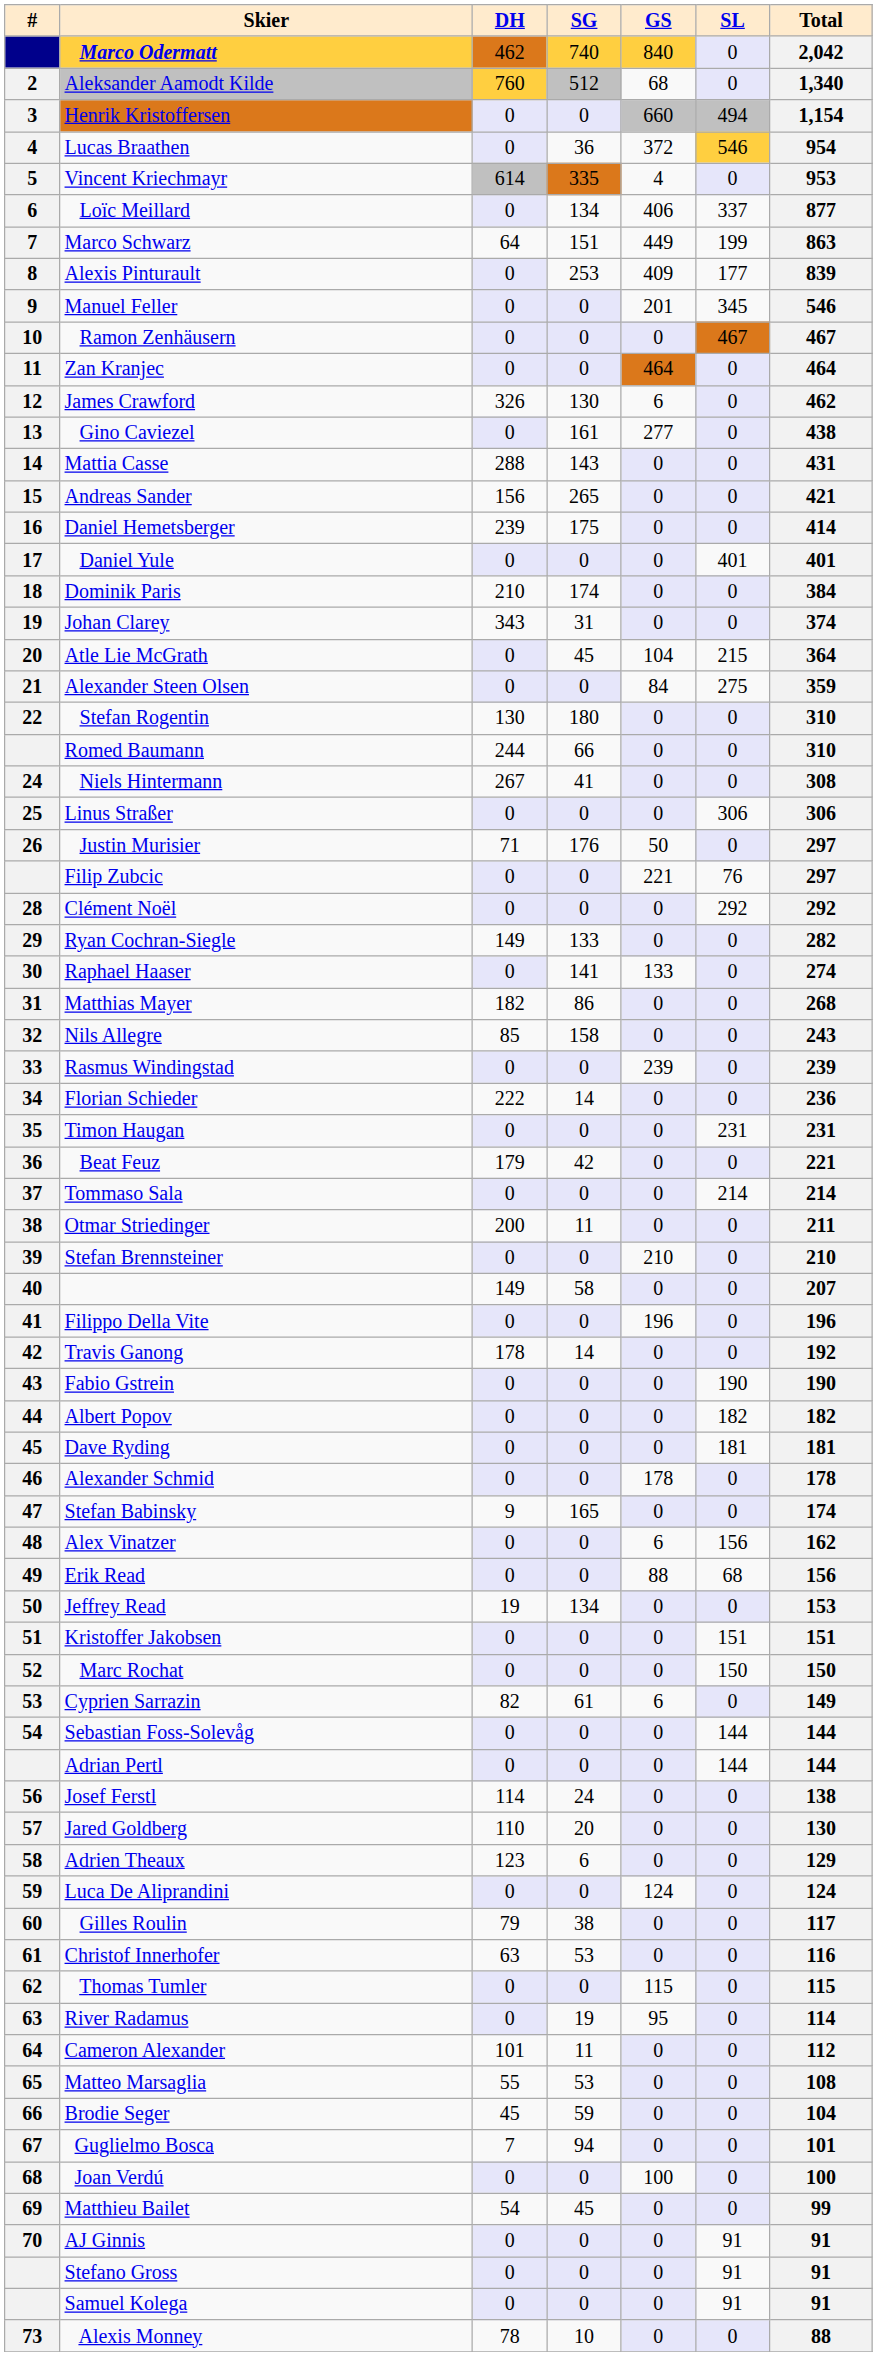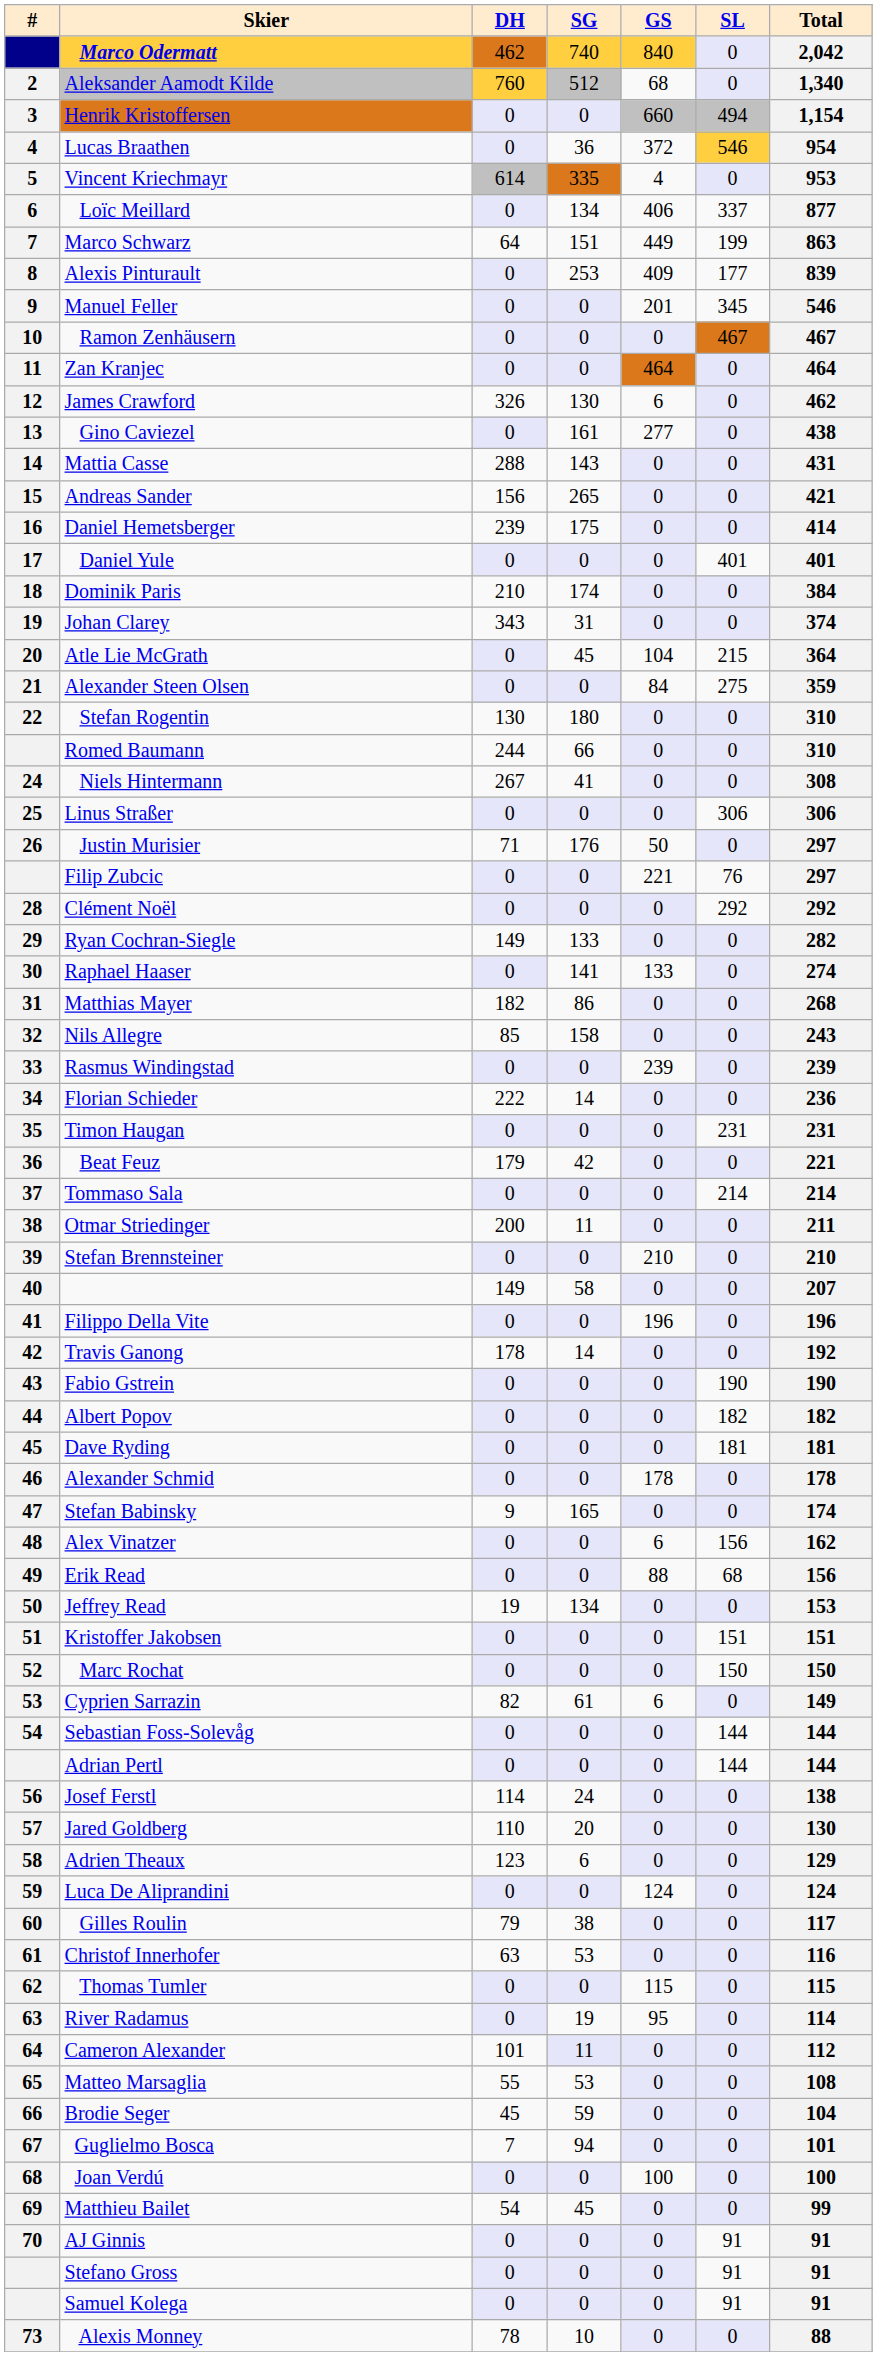 <table class="wikitable" width=55% style="font-size:100%; text-align:center;">
 <tr>
 <td bgcolor=ffebcd><strong>#</strong></td>
 <td bgcolor=ffebcd><strong>Skier</strong></td>
 <td bgcolor=ffebcd><strong><a href='#'>DH</a></strong><br></td>
 <td bgcolor=ffebcd><strong><a href='#'>SG</a></strong><br></td>
 <td bgcolor=ffebcd><strong><a href='#'>GS</a></strong><br></td>
 <td bgcolor=ffebcd><strong><a href='#'>SL</a></strong><br></td>
 <td bgcolor=ffebcd><strong>Total</strong></td>
 </tr>
 <tr>
 <td bgcolor=darkblue></td>
 <td align=left bgcolor=ffcf40>   <strong><em><a href='#'>Marco Odermatt</a></em></strong></td>
 <td bgcolor=db781b>462</td>
 <td bgcolor=ffcf40>740</td>
 <td bgcolor=ffcf40>840</td>
 <td bgcolor=lavender>0</td>
 <th>2,042</th>
 </tr>
 <tr>
 <th>2</th>
 <td align=left bgcolor=c0c0c0> <a href='#'>Aleksander Aamodt Kilde</a></td>
 <td bgcolor=ffcf40>760</td>
 <td bgcolor=c0c0c0>512</td>
 <td>68</td>
 <td bgcolor=lavender>0</td>
 <th>1,340</th>
 </tr>
 <tr>
 <th>3</th>
 <td align=left bgcolor=db781b> <a href='#'>Henrik Kristoffersen</a></td>
 <td bgcolor=lavender>0</td>
 <td bgcolor=lavender>0</td>
 <td bgcolor=c0c0c0>660</td>
 <td bgcolor=c0c0c0>494</td>
 <th>1,154</th>
 </tr>
 <tr>
 <th>4</th>
 <td align=left> <a href='#'>Lucas Braathen</a></td>
 <td bgcolor=lavender>0</td>
 <td>36</td>
 <td>372</td>
 <td bgcolor=ffcf40>546</td>
 <th>954</th>
 </tr>
 <tr>
 <th>5</th>
 <td align=left> <a href='#'>Vincent Kriechmayr</a></td>
 <td bgcolor=c0c0c0>614</td>
 <td bgcolor=db781b>335</td>
 <td>4</td>
 <td bgcolor=lavender>0</td>
 <th>953</th>
 </tr>
 <tr>
 <th>6</th>
 <td align=left>   <a href='#'>Loïc Meillard</a></td>
 <td bgcolor=lavender>0</td>
 <td>134</td>
 <td>406</td>
 <td>337</td>
 <th>877</th>
 </tr>
 <tr>
 <th>7</th>
 <td align=left> <a href='#'>Marco Schwarz</a></td>
 <td>64</td>
 <td>151</td>
 <td>449</td>
 <td>199</td>
 <th>863</th>
 </tr>
 <tr>
 <th>8</th>
 <td align=left> <a href='#'>Alexis Pinturault</a></td>
 <td bgcolor=lavender>0</td>
 <td>253</td>
 <td>409</td>
 <td>177</td>
 <th>839</th>
 </tr>
 <tr>
 <th>9</th>
 <td align=left> <a href='#'>Manuel Feller</a></td>
 <td bgcolor=lavender>0</td>
 <td bgcolor=lavender>0</td>
 <td>201</td>
 <td>345</td>
 <th>546</th>
 </tr>
 <tr>
 <th>10</th>
 <td align=left>   <a href='#'>Ramon Zenhäusern</a></td>
 <td bgcolor=lavender>0</td>
 <td bgcolor=lavender>0</td>
 <td bgcolor=lavender>0</td>
 <td bgcolor=db781b>467</td>
 <th>467</th>
 </tr>
 <tr>
 <th>11</th>
 <td align=left> <a href='#'>Zan Kranjec</a></td>
 <td bgcolor=lavender>0</td>
 <td bgcolor=lavender>0</td>
 <td bgcolor=db781b>464</td>
 <td bgcolor=lavender>0</td>
 <th>464</th>
 </tr>
 <tr>
 <th>12</th>
 <td align=left> <a href='#'>James Crawford</a></td>
 <td>326</td>
 <td>130</td>
 <td>6</td>
 <td bgcolor=lavender>0</td>
 <th>462</th>
 </tr>
 <tr>
 <th>13</th>
 <td align=left>   <a href='#'>Gino Caviezel</a></td>
 <td bgcolor=lavender>0</td>
 <td>161</td>
 <td>277</td>
 <td bgcolor=lavender>0</td>
 <th>438</th>
 </tr>
 <tr>
 <th>14</th>
 <td align=left> <a href='#'>Mattia Casse</a></td>
 <td>288</td>
 <td>143</td>
 <td bgcolor=lavender>0</td>
 <td bgcolor=lavender>0</td>
 <th>431</th>
 </tr>
 <tr>
 <th>15</th>
 <td align=left> <a href='#'>Andreas Sander</a></td>
 <td>156</td>
 <td>265</td>
 <td bgcolor=lavender>0</td>
 <td bgcolor=lavender>0</td>
 <th>421</th>
 </tr>
 <tr>
 <th>16</th>
 <td align=left> <a href='#'>Daniel Hemetsberger</a></td>
 <td>239</td>
 <td>175</td>
 <td bgcolor=lavender>0</td>
 <td bgcolor=lavender>0</td>
 <th>414</th>
 </tr>
 <tr>
 <th>17</th>
 <td align=left>   <a href='#'>Daniel Yule</a></td>
 <td bgcolor=lavender>0</td>
 <td bgcolor=lavender>0</td>
 <td bgcolor=lavender>0</td>
 <td>401</td>
 <th>401</th>
 </tr>
 <tr>
 <th>18</th>
 <td align=left> <a href='#'>Dominik Paris</a></td>
 <td>210</td>
 <td>174</td>
 <td bgcolor=lavender>0</td>
 <td bgcolor=lavender>0</td>
 <th>384</th>
 </tr>
 <tr>
 <th>19</th>
 <td align=left> <a href='#'>Johan Clarey</a></td>
 <td>343</td>
 <td>31</td>
 <td bgcolor=lavender>0</td>
 <td bgcolor=lavender>0</td>
 <th>374</th>
 </tr>
 <tr>
 <th>20</th>
 <td align=left> <a href='#'>Atle Lie McGrath</a></td>
 <td bgcolor=lavender>0</td>
 <td>45</td>
 <td>104</td>
 <td>215</td>
 <th>364</th>
 </tr>
 <tr>
 <th>21</th>
 <td align=left> <a href='#'>Alexander Steen Olsen</a></td>
 <td bgcolor=lavender>0</td>
 <td bgcolor=lavender>0</td>
 <td>84</td>
 <td>275</td>
 <th>359</th>
 </tr>
 <tr>
 <th>22</th>
 <td align=left>   <a href='#'>Stefan Rogentin</a></td>
 <td>130</td>
 <td>180</td>
 <td bgcolor=lavender>0</td>
 <td bgcolor=lavender>0</td>
 <th>310</th>
 </tr>
 <tr>
 <th></th>
 <td align=left> <a href='#'>Romed Baumann</a></td>
 <td>244</td>
 <td>66</td>
 <td bgcolor=lavender>0</td>
 <td bgcolor=lavender>0</td>
 <th>310</th>
 </tr>
 <tr>
 <th>24</th>
 <td align=left>   <a href='#'>Niels Hintermann</a></td>
 <td>267</td>
 <td>41</td>
 <td bgcolor=lavender>0</td>
 <td bgcolor=lavender>0</td>
 <th>308</th>
 </tr>
 <tr>
 <th>25</th>
 <td align=left> <a href='#'>Linus Straßer</a></td>
 <td bgcolor=lavender>0</td>
 <td bgcolor=lavender>0</td>
 <td bgcolor=lavender>0</td>
 <td>306</td>
 <th>306</th>
 </tr>
 <tr>
 <th>26</th>
 <td align=left>   <a href='#'>Justin Murisier</a></td>
 <td>71</td>
 <td>176</td>
 <td>50</td>
 <td bgcolor=lavender>0</td>
 <th>297</th>
 </tr>
 <tr>
 <th></th>
 <td align=left> <a href='#'>Filip Zubcic</a></td>
 <td bgcolor=lavender>0</td>
 <td bgcolor=lavender>0</td>
 <td>221</td>
 <td>76</td>
 <th>297</th>
 </tr>
 <tr>
 <th>28</th>
 <td align=left> <a href='#'>Clément Noël</a></td>
 <td bgcolor=lavender>0</td>
 <td bgcolor=lavender>0</td>
 <td bgcolor=lavender>0</td>
 <td>292</td>
 <th>292</th>
 </tr>
 <tr>
 <th>29</th>
 <td align=left> <a href='#'>Ryan Cochran-Siegle</a></td>
 <td>149</td>
 <td>133</td>
 <td bgcolor=lavender>0</td>
 <td bgcolor=lavender>0</td>
 <th>282</th>
 </tr>
 <tr>
 <th>30</th>
 <td align=left> <a href='#'>Raphael Haaser</a></td>
 <td bgcolor=lavender>0</td>
 <td>141</td>
 <td>133</td>
 <td bgcolor=lavender>0</td>
 <th>274</th>
 </tr>
 <tr>
 <th>31</th>
 <td align=left> <a href='#'>Matthias Mayer</a></td>
 <td>182</td>
 <td>86</td>
 <td bgcolor=lavender>0</td>
 <td bgcolor=lavender>0</td>
 <th>268</th>
 </tr>
 <tr>
 <th>32</th>
 <td align=left> <a href='#'>Nils Allegre</a></td>
 <td>85</td>
 <td>158</td>
 <td bgcolor=lavender>0</td>
 <td bgcolor=lavender>0</td>
 <th>243</th>
 </tr>
 <tr>
 <th>33</th>
 <td align=left> <a href='#'>Rasmus Windingstad</a></td>
 <td bgcolor=lavender>0</td>
 <td bgcolor=lavender>0</td>
 <td>239</td>
 <td bgcolor=lavender>0</td>
 <th>239</th>
 </tr>
 <tr>
 <th>34</th>
 <td align=left> <a href='#'>Florian Schieder</a></td>
 <td>222</td>
 <td>14</td>
 <td bgcolor=lavender>0</td>
 <td bgcolor=lavender>0</td>
 <th>236</th>
 </tr>
 <tr>
 <th>35</th>
 <td align=left> <a href='#'>Timon Haugan</a></td>
 <td bgcolor=lavender>0</td>
 <td bgcolor=lavender>0</td>
 <td bgcolor=lavender>0</td>
 <td>231</td>
 <th>231</th>
 </tr>
 <tr>
 <th>36</th>
 <td align=left>   <a href='#'>Beat Feuz</a></td>
 <td>179</td>
 <td>42</td>
 <td bgcolor=lavender>0</td>
 <td bgcolor=lavender>0</td>
 <th>221</th>
 </tr>
 <tr>
 <th>37</th>
 <td align=left> <a href='#'>Tommaso Sala</a></td>
 <td bgcolor=lavender>0</td>
 <td bgcolor=lavender>0</td>
 <td bgcolor=lavender>0</td>
 <td>214</td>
 <th>214</th>
 </tr>
 <tr>
 <th>38</th>
 <td align=left> <a href='#'>Otmar Striedinger</a></td>
 <td>200</td>
 <td>11</td>
 <td bgcolor=lavender>0</td>
 <td bgcolor=lavender>0</td>
 <th>211</th>
 </tr>
 <tr>
 <th>39</th>
 <td align=left> <a href='#'>Stefan Brennsteiner</a></td>
 <td bgcolor=lavender>0</td>
 <td bgcolor=lavender>0</td>
 <td>210</td>
 <td bgcolor=lavender>0</td>
 <th>210</th>
 </tr>
 <tr>
 <th>40</th>
 <td align=left></td>
 <td>149</td>
 <td>58</td>
 <td bgcolor=lavender>0</td>
 <td bgcolor=lavender>0</td>
 <th>207</th>
 </tr>
 <tr>
 <th>41</th>
 <td align=left> <a href='#'>Filippo Della Vite</a></td>
 <td bgcolor=lavender>0</td>
 <td bgcolor=lavender>0</td>
 <td>196</td>
 <td bgcolor=lavender>0</td>
 <th>196</th>
 </tr>
 <tr>
 <th>42</th>
 <td align=left> <a href='#'>Travis Ganong</a></td>
 <td>178</td>
 <td>14</td>
 <td bgcolor=lavender>0</td>
 <td bgcolor=lavender>0</td>
 <th>192</th>
 </tr>
 <tr>
 <th>43</th>
 <td align=left> <a href='#'>Fabio Gstrein</a></td>
 <td bgcolor=lavender>0</td>
 <td bgcolor=lavender>0</td>
 <td bgcolor=lavender>0</td>
 <td>190</td>
 <th>190</th>
 </tr>
 <tr>
 <th>44</th>
 <td align=left> <a href='#'>Albert Popov</a></td>
 <td bgcolor=lavender>0</td>
 <td bgcolor=lavender>0</td>
 <td bgcolor=lavender>0</td>
 <td>182</td>
 <th>182</th>
 </tr>
 <tr>
 <th>45</th>
 <td align=left> <a href='#'>Dave Ryding</a></td>
 <td bgcolor=lavender>0</td>
 <td bgcolor=lavender>0</td>
 <td bgcolor=lavender>0</td>
 <td>181</td>
 <th>181</th>
 </tr>
 <tr>
 <th>46</th>
 <td align=left> <a href='#'>Alexander Schmid</a></td>
 <td bgcolor=lavender>0</td>
 <td bgcolor=lavender>0</td>
 <td>178</td>
 <td bgcolor=lavender>0</td>
 <th>178</th>
 </tr>
 <tr>
 <th>47</th>
 <td align=left> <a href='#'>Stefan Babinsky</a></td>
 <td>9</td>
 <td>165</td>
 <td bgcolor=lavender>0</td>
 <td bgcolor=lavender>0</td>
 <th>174</th>
 </tr>
 <tr>
 <th>48</th>
 <td align=left> <a href='#'>Alex Vinatzer</a></td>
 <td bgcolor=lavender>0</td>
 <td bgcolor=lavender>0</td>
 <td>6</td>
 <td>156</td>
 <th>162</th>
 </tr>
 <tr>
 <th>49</th>
 <td align=left> <a href='#'>Erik Read</a></td>
 <td bgcolor=lavender>0</td>
 <td bgcolor=lavender>0</td>
 <td>88</td>
 <td>68</td>
 <th>156</th>
 </tr>
 <tr>
 <th>50</th>
 <td align=left> <a href='#'>Jeffrey Read</a></td>
 <td>19</td>
 <td>134</td>
 <td bgcolor=lavender>0</td>
 <td bgcolor=lavender>0</td>
 <th>153</th>
 </tr>
 <tr>
 <th>51</th>
 <td align=left> <a href='#'>Kristoffer Jakobsen</a></td>
 <td bgcolor=lavender>0</td>
 <td bgcolor=lavender>0</td>
 <td bgcolor=lavender>0</td>
 <td>151</td>
 <th>151</th>
 </tr>
 <tr>
 <th>52</th>
 <td align=left>   <a href='#'>Marc Rochat</a></td>
 <td bgcolor=lavender>0</td>
 <td bgcolor=lavender>0</td>
 <td bgcolor=lavender>0</td>
 <td>150</td>
 <th>150</th>
 </tr>
 <tr>
 <th>53</th>
 <td align=left> <a href='#'>Cyprien Sarrazin</a></td>
 <td>82</td>
 <td>61</td>
 <td>6</td>
 <td bgcolor=lavender>0</td>
 <th>149</th>
 </tr>
 <tr>
 <th>54</th>
 <td align=left> <a href='#'>Sebastian Foss-Solevåg</a></td>
 <td bgcolor=lavender>0</td>
 <td bgcolor=lavender>0</td>
 <td bgcolor=lavender>0</td>
 <td>144</td>
 <th>144</th>
 </tr>
 <tr>
 <th></th>
 <td align=left> <a href='#'>Adrian Pertl</a></td>
 <td bgcolor=lavender>0</td>
 <td bgcolor=lavender>0</td>
 <td bgcolor=lavender>0</td>
 <td>144</td>
 <th>144</th>
 </tr>
 <tr>
 <th>56</th>
 <td align=left> <a href='#'>Josef Ferstl</a></td>
 <td>114</td>
 <td>24</td>
 <td bgcolor=lavender>0</td>
 <td bgcolor=lavender>0</td>
 <th>138</th>
 </tr>
 <tr>
 <th>57</th>
 <td align=left> <a href='#'>Jared Goldberg</a></td>
 <td>110</td>
 <td>20</td>
 <td bgcolor=lavender>0</td>
 <td bgcolor=lavender>0</td>
 <th>130</th>
 </tr>
 <tr>
 <th>58</th>
 <td align=left> <a href='#'>Adrien Theaux</a></td>
 <td>123</td>
 <td>6</td>
 <td bgcolor=lavender>0</td>
 <td bgcolor=lavender>0</td>
 <th>129</th>
 </tr>
 <tr>
 <th>59</th>
 <td align=left>  <a href='#'>Luca De Aliprandini</a></td>
 <td bgcolor=lavender>0</td>
 <td bgcolor=lavender>0</td>
 <td>124</td>
 <td bgcolor=lavender>0</td>
 <th>124</th>
 </tr>
 <tr>
 <th>60</th>
 <td align=left>   <a href='#'>Gilles Roulin</a></td>
 <td>79</td>
 <td>38</td>
 <td bgcolor=lavender>0</td>
 <td bgcolor=lavender>0</td>
 <th>117</th>
 </tr>
 <tr>
 <th>61</th>
 <td align=left> <a href='#'>Christof Innerhofer</a></td>
 <td>63</td>
 <td>53</td>
 <td bgcolor=lavender>0</td>
 <td bgcolor=lavender>0</td>
 <th>116</th>
 </tr>
 <tr>
 <th>62</th>
 <td align=left>   <a href='#'>Thomas Tumler</a></td>
 <td bgcolor=lavender>0</td>
 <td bgcolor=lavender>0</td>
 <td>115</td>
 <td bgcolor=lavender>0</td>
 <th>115</th>
 </tr>
 <tr>
 <th>63</th>
 <td align=left> <a href='#'>River Radamus</a></td>
 <td bgcolor=lavender>0</td>
 <td>19</td>
 <td>95</td>
 <td bgcolor=lavender>0</td>
 <th>114</th>
 </tr>
 <tr>
 <th>64</th>
 <td align=left> <a href='#'>Cameron Alexander</a></td>
 <td>101</td>
-<td>11</td>
+<td style="background: lavender;">11</td>
 <td bgcolor=lavender>0</td>
 <td bgcolor=lavender>0</td>
 <th>112</th>
 </tr>
 <tr>
 <th>65</th>
 <td align=left> <a href='#'>Matteo Marsaglia</a></td>
 <td>55</td>
 <td>53</td>
 <td bgcolor=lavender>0</td>
 <td bgcolor=lavender>0</td>
 <th>108</th>
 </tr>
 <tr>
 <th>66</th>
 <td align=left> <a href='#'>Brodie Seger</a></td>
 <td>45</td>
 <td>59</td>
 <td bgcolor=lavender>0</td>
 <td bgcolor=lavender>0</td>
 <th>104</th>
 </tr>
 <tr>
 <th>67</th>
 <td align=left>  <a href='#'>Guglielmo Bosca</a></td>
 <td>7</td>
 <td>94</td>
 <td bgcolor=lavender>0</td>
 <td bgcolor=lavender>0</td>
 <th>101</th>
 </tr>
 <tr>
 <th>68</th>
 <td align=left>  <a href='#'>Joan Verdú</a></td>
 <td bgcolor=lavender>0</td>
 <td bgcolor=lavender>0</td>
 <td>100</td>
 <td bgcolor=lavender>0</td>
 <th>100</th>
 </tr>
 <tr>
 <th>69</th>
 <td align=left> <a href='#'>Matthieu Bailet</a></td>
 <td>54</td>
 <td>45</td>
 <td bgcolor=lavender>0</td>
 <td bgcolor=lavender>0</td>
 <th>99</th>
 </tr>
 <tr>
 <th>70</th>
 <td align=left> <a href='#'>AJ Ginnis</a></td>
 <td bgcolor=lavender>0</td>
 <td bgcolor=lavender>0</td>
 <td bgcolor=lavender>0</td>
 <td>91</td>
 <th>91</th>
 </tr>
 <tr>
 <th></th>
 <td align=left> <a href='#'>Stefano Gross</a></td>
 <td bgcolor=lavender>0</td>
 <td bgcolor=lavender>0</td>
 <td bgcolor=lavender>0</td>
 <td>91</td>
 <th>91</th>
 </tr>
 <tr>
 <th></th>
 <td align=left> <a href='#'>Samuel Kolega</a></td>
 <td bgcolor=lavender>0</td>
 <td bgcolor=lavender>0</td>
 <td bgcolor=lavender>0</td>
 <td>91</td>
 <th>91</th>
 </tr>
 <tr>
 <th>73</th>
 <td align=left>   <a href='#'>Alexis Monney</a></td>
 <td>78</td>
 <td>10</td>
 <td bgcolor=lavender>0</td>
 <td bgcolor=lavender>0</td>
 <th>88</th>
 </tr>
 <tr>
 </tr>
 </table>
